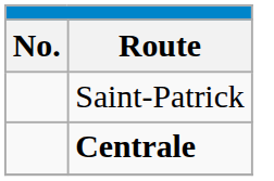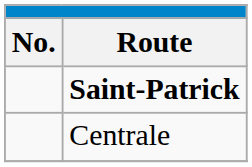 <table align=center class="wikitable">
 <tr>
 <th style="background: #0085CA; font-size:100%; color:#FFFFFF;"colspan="4"><a href='#'></a></th>
 </tr>
 <tr>
 <th>No.</th>
 <th>Route</th>
 </tr>
 <tr>
 <td></td>
-<td>Saint-Patrick</td>
+<td><strong>Saint-Patrick</strong></td>
 </tr>
 <tr>
 <td></td>
-<td><strong>Centrale</strong></td>
+<td>Centrale</td>
 </tr>
 <tr>
 </tr>
 </table>
